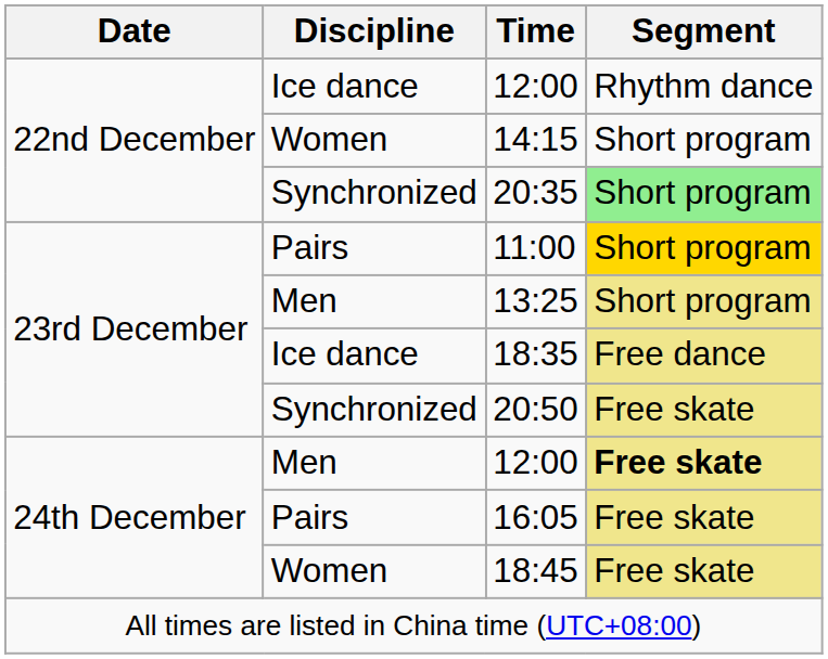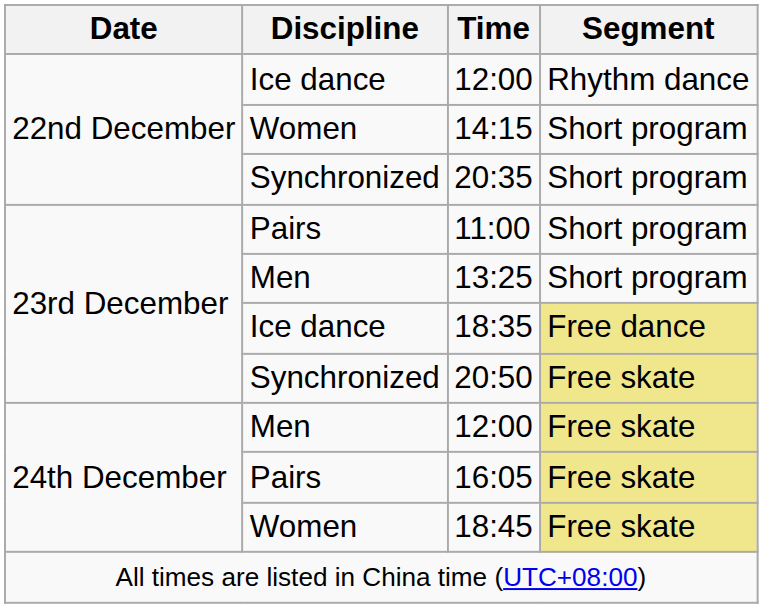 <table class="wikitable">
 <tr>
 <th>Date</th>
 <th>Discipline</th>
 <th>Time</th>
 <th>Segment</th>
 </tr>
 <tr>
 <td rowspan=3>22nd December</td>
 <td>Ice dance</td>
 <td>12:00</td>
 <td>Rhythm dance</td>
 </tr>
 <tr>
 <td>Women</td>
 <td>14:15</td>
 <td>Short program</td>
 </tr>
 <tr>
 <td>Synchronized</td>
 <td>20:35</td>
-<td style="background: lightgreen;">Short program</td>
+<td>Short program</td>
 </tr>
 <tr>
 <td rowspan=4>23rd December</td>
 <td>Pairs</td>
 <td>11:00</td>
-<td style="background: gold;">Short program</td>
+<td>Short program</td>
 </tr>
 <tr>
 <td>Men</td>
 <td>13:25</td>
-<td style="background: khaki;">Short program</td>
+<td>Short program</td>
 </tr>
 <tr>
 <td>Ice dance</td>
 <td>18:35</td>
 <td bgcolor=#f0e68c>Free dance</td>
 </tr>
 <tr>
 <td>Synchronized</td>
 <td>20:50</td>
 <td bgcolor=#f0e68c>Free skate</td>
 </tr>
 <tr>
 <td rowspan=3>24th December</td>
 <td>Men</td>
 <td>12:00</td>
-<td bgcolor=#f0e68c><strong>Free skate</strong></td>
+<td bgcolor=#f0e68c>Free skate</td>
 </tr>
 <tr>
 <td>Pairs</td>
 <td>16:05</td>
 <td bgcolor=#f0e68c>Free skate</td>
 </tr>
 <tr>
 <td>Women</td>
 <td>18:45</td>
 <td bgcolor=#f0e68c>Free skate</td>
 </tr>
 <tr>
 <td colspan=4 align=center><small> All times are listed in China time (<a href='#'>UTC+08:00</a>)</small></td>
 </tr>
 </table>
